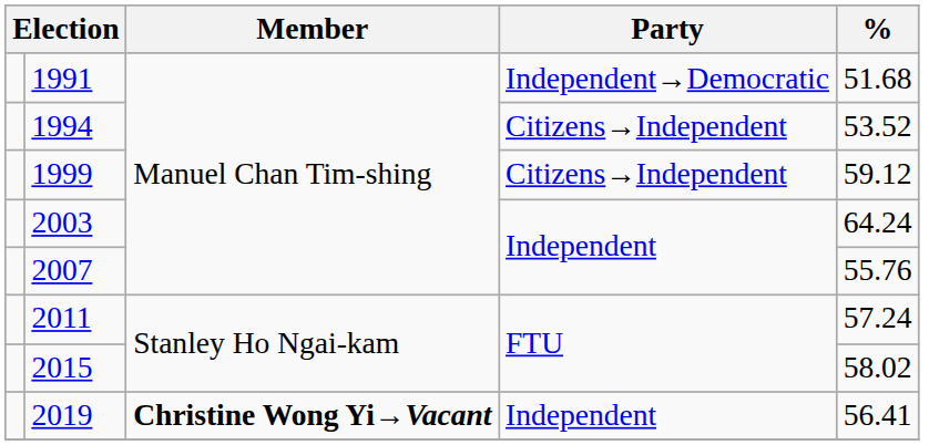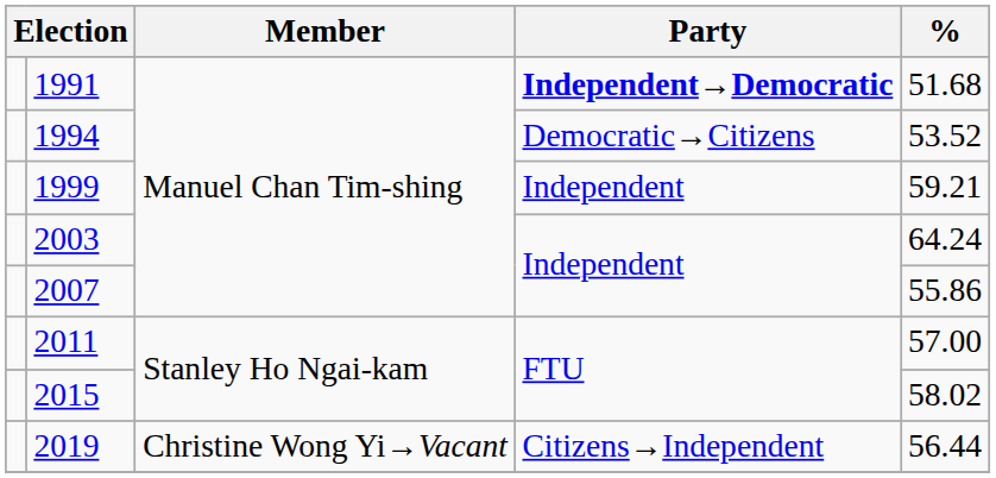 <table class="wikitable">
 <tr>
 <th colspan="2">Election</th>
 <th>Member</th>
 <th>Party</th>
 <th>%</th>
 </tr>
 <tr>
 <td style="background-color: "></td>
 <td><a href='#'>1991</a></td>
 <td rowspan=5>Manuel Chan Tim-shing</td>
-<td><a href='#'>Independent</a>→<a href='#'>Democratic</a></td>
+<td><strong><a href='#'>Independent</a>→<a href='#'>Democratic</a></strong></td>
 <td>51.68</td>
 </tr>
 <tr>
 <td style="background-color: "></td>
 <td><a href='#'>1994</a></td>
-<td><a href='#'>Citizens</a>→<a href='#'>Independent</a></td>
+<td><a href='#'>Democratic</a>→<a href='#'>Citizens</a></td>
 <td>53.52</td>
 </tr>
 <tr>
 <td style="background-color: "></td>
 <td><a href='#'>1999</a></td>
-<td><a href='#'>Citizens</a>→<a href='#'>Independent</a></td>
-<td>59.12</td>
+<td><a href='#'>Independent</a></td>
+<td>59.21</td>
 </tr>
 <tr>
 <td style="background-color: "></td>
 <td><a href='#'>2003</a></td>
 <td rowspan=2><a href='#'>Independent</a></td>
 <td>64.24</td>
 </tr>
 <tr>
 <td style="background-color: "></td>
 <td><a href='#'>2007</a></td>
-<td>55.76</td>
+<td>55.86</td>
 </tr>
 <tr>
 <td style="background-color: "></td>
 <td><a href='#'>2011</a></td>
 <td rowspan=2>Stanley Ho Ngai-kam</td>
 <td rowspan=2><a href='#'>FTU</a></td>
-<td>57.24</td>
+<td>57.00</td>
 </tr>
 <tr>
 <td style="background-color: "></td>
 <td><a href='#'>2015</a></td>
 <td>58.02</td>
 </tr>
 <tr>
 <td style="background-color: "></td>
 <td><a href='#'>2019</a></td>
-<td><strong>Christine Wong Yi→<em>Vacant</em></strong></td>
-<td><a href='#'>Independent</a></td>
-<td>56.41</td>
+<td>Christine Wong Yi→<em>Vacant</em></td>
+<td><a href='#'>Citizens</a>→<a href='#'>Independent</a></td>
+<td>56.44</td>
 </tr>
 <tr>
 </tr>
 </table>
